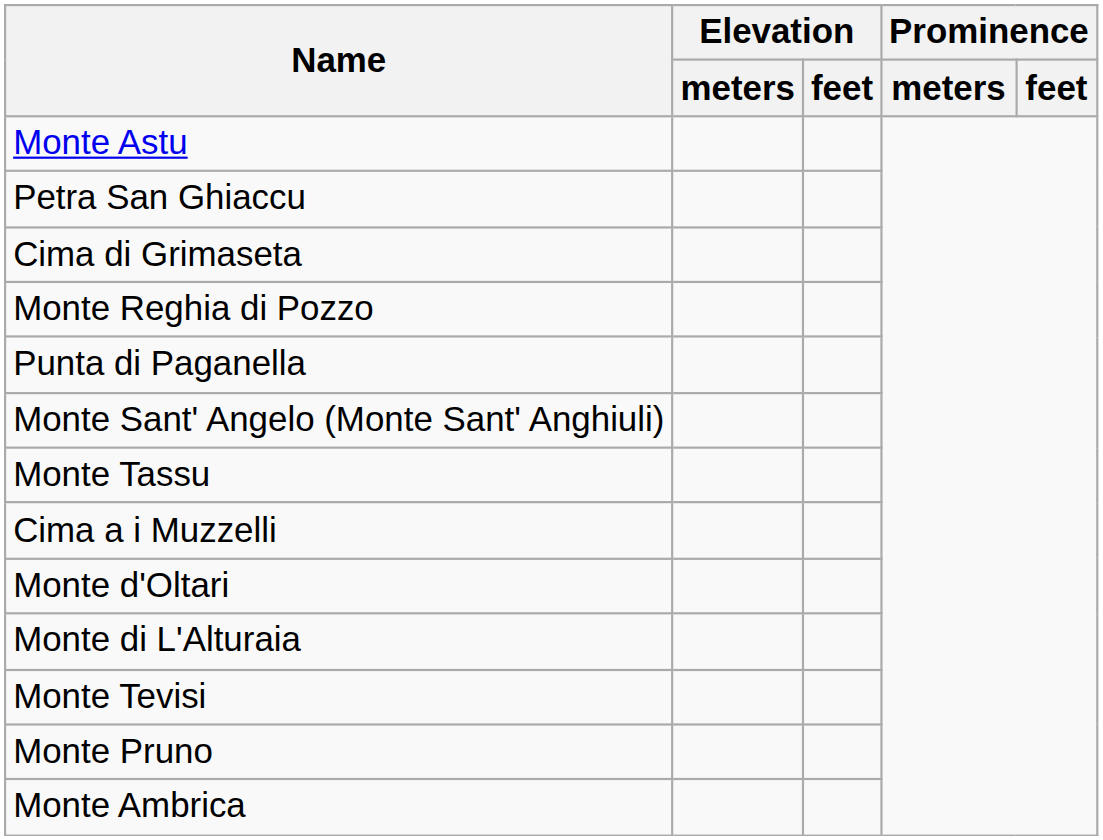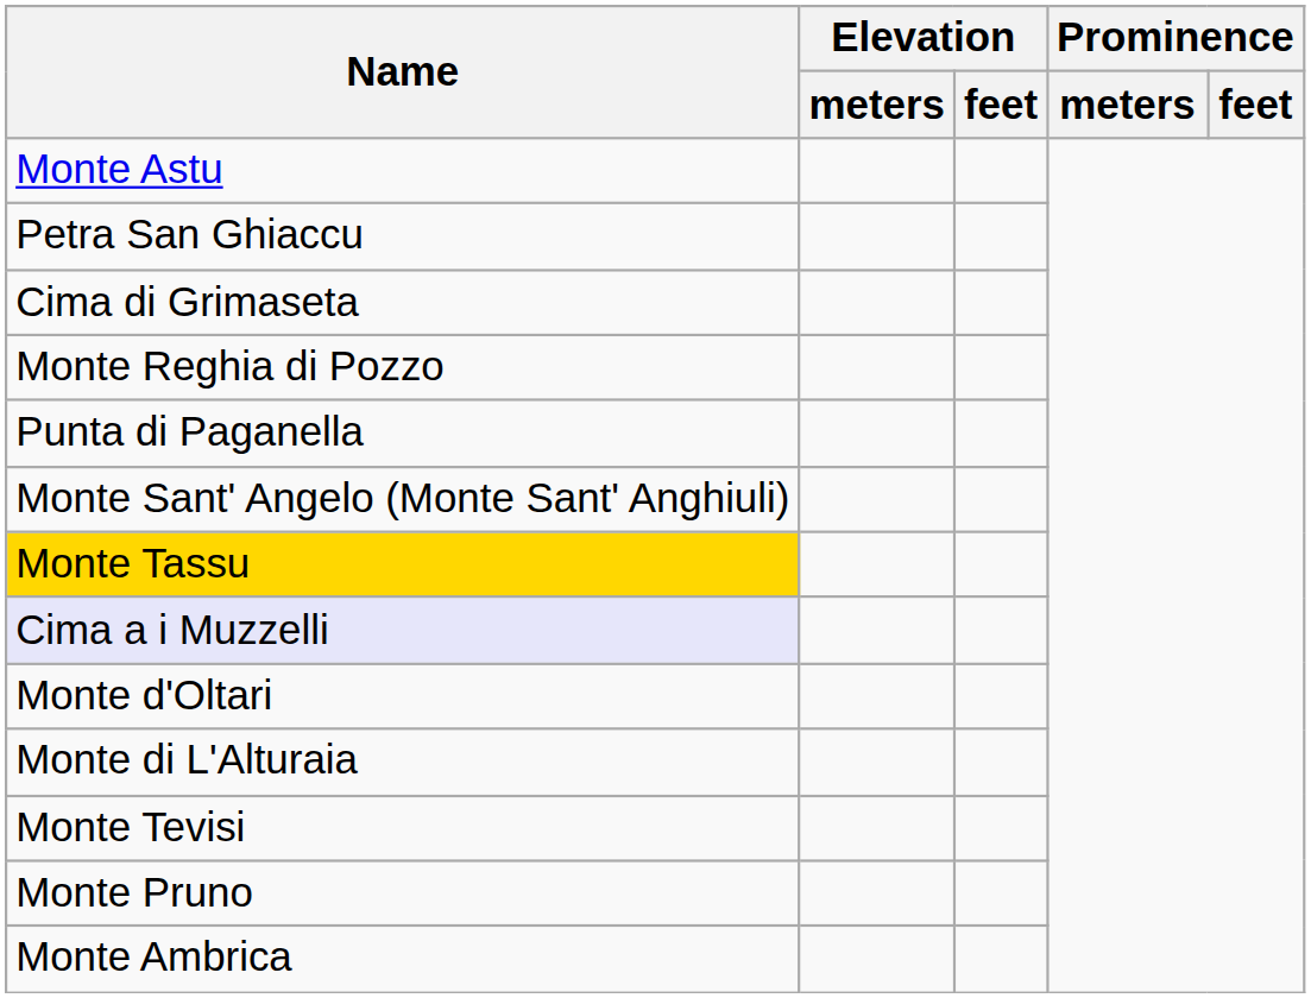 <table class="wikitable sortable">
 <tr>
 <th rowspan=2>Name</th>
 <th colspan=2>Elevation</th>
 <th colspan=2>Prominence</th>
 </tr>
 <tr>
 <th>meters</th>
 <th>feet</th>
 <th>meters</th>
 <th>feet</th>
 </tr>
 <tr>
 <td><a href='#'>Monte Astu</a></td>
 <td></td>
 <td></td>
 </tr>
 <tr>
 <td>Petra San Ghiaccu</td>
 <td></td>
 <td></td>
 </tr>
 <tr>
 <td>Cima di Grimaseta</td>
 <td></td>
 <td></td>
 </tr>
 <tr>
 <td>Monte Reghia di Pozzo</td>
 <td></td>
 <td></td>
 </tr>
 <tr>
 <td>Punta di Paganella</td>
 <td></td>
 <td></td>
 </tr>
 <tr>
 <td>Monte Sant' Angelo (Monte Sant' Anghiuli)</td>
 <td></td>
 <td></td>
 </tr>
 <tr>
-<td>Monte Tassu</td>
+<td style="background: gold;">Monte Tassu</td>
 <td></td>
 <td></td>
 </tr>
 <tr>
-<td>Cima a i Muzzelli</td>
+<td style="background: lavender;">Cima a i Muzzelli</td>
 <td></td>
 <td></td>
 </tr>
 <tr>
 <td>Monte d'Oltari</td>
 <td></td>
 <td></td>
 </tr>
 <tr>
 <td>Monte di L'Alturaia</td>
 <td></td>
 <td></td>
 </tr>
 <tr>
 <td>Monte Tevisi</td>
 <td></td>
 <td></td>
 </tr>
 <tr>
 <td>Monte Pruno</td>
 <td></td>
 <td></td>
 </tr>
 <tr>
 <td>Monte Ambrica</td>
 <td></td>
 <td></td>
 </tr>
 </table>
